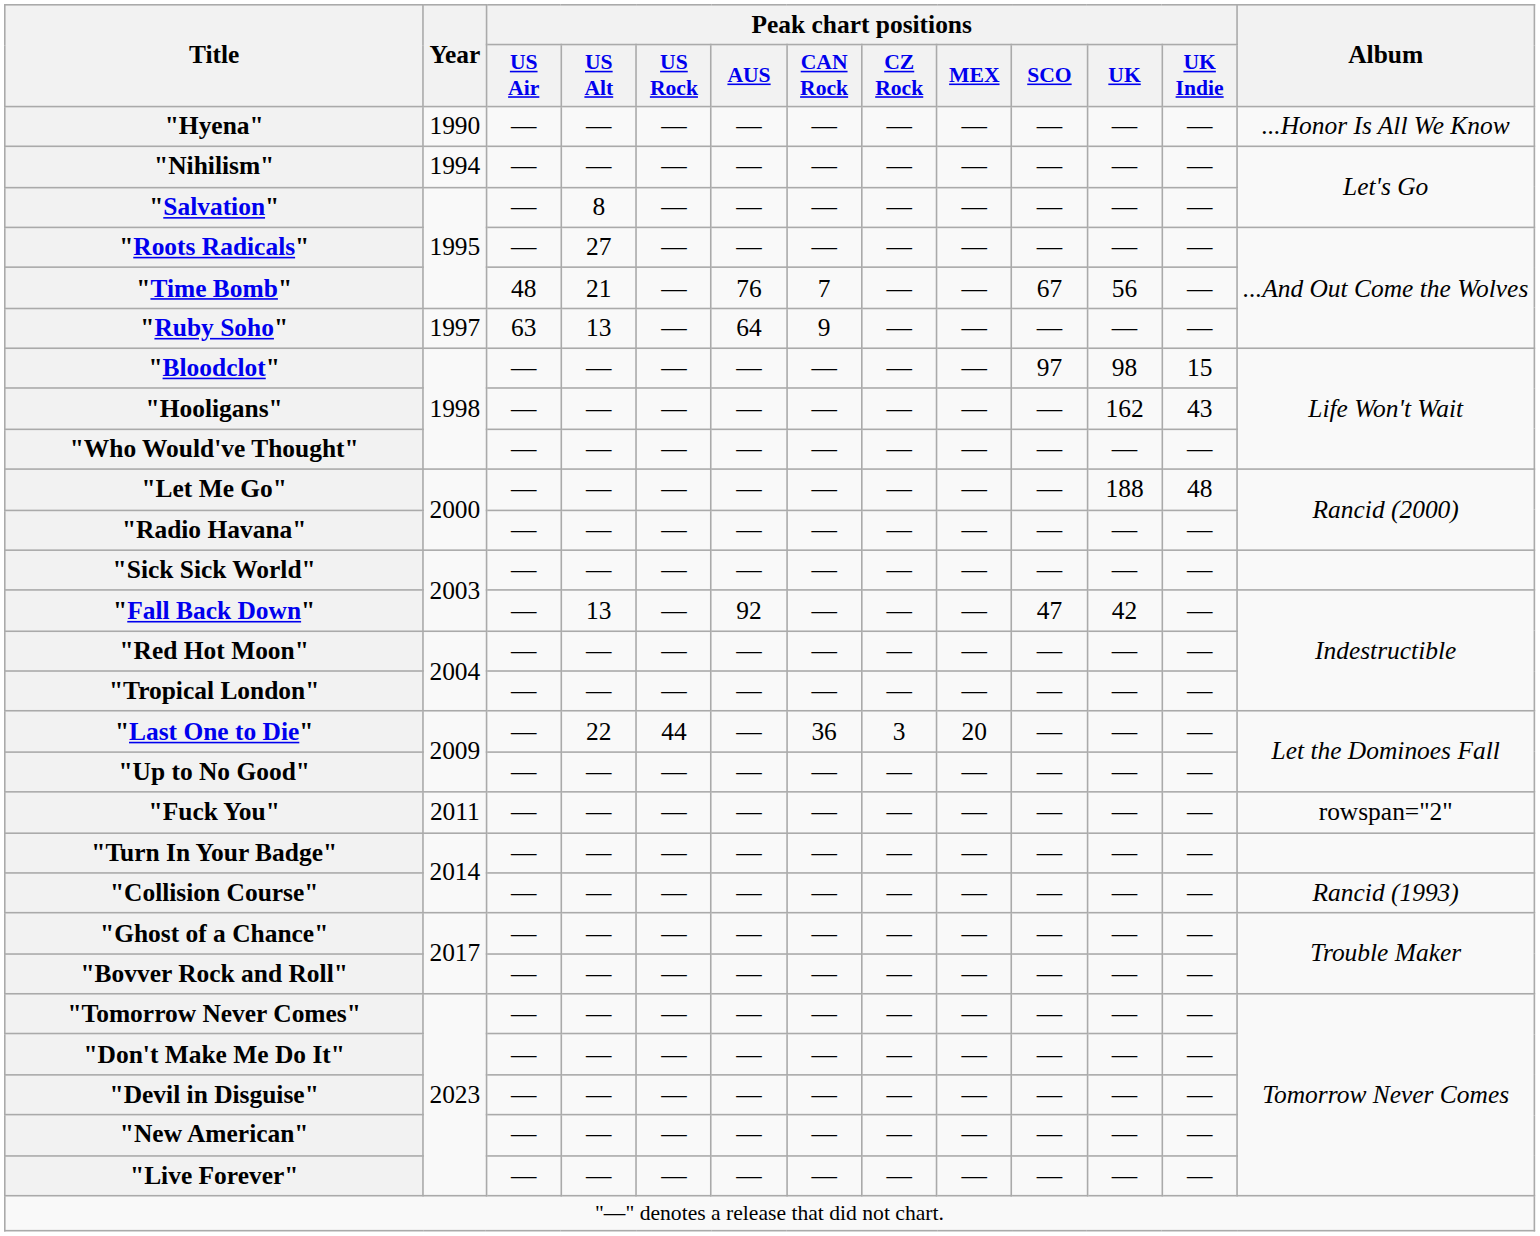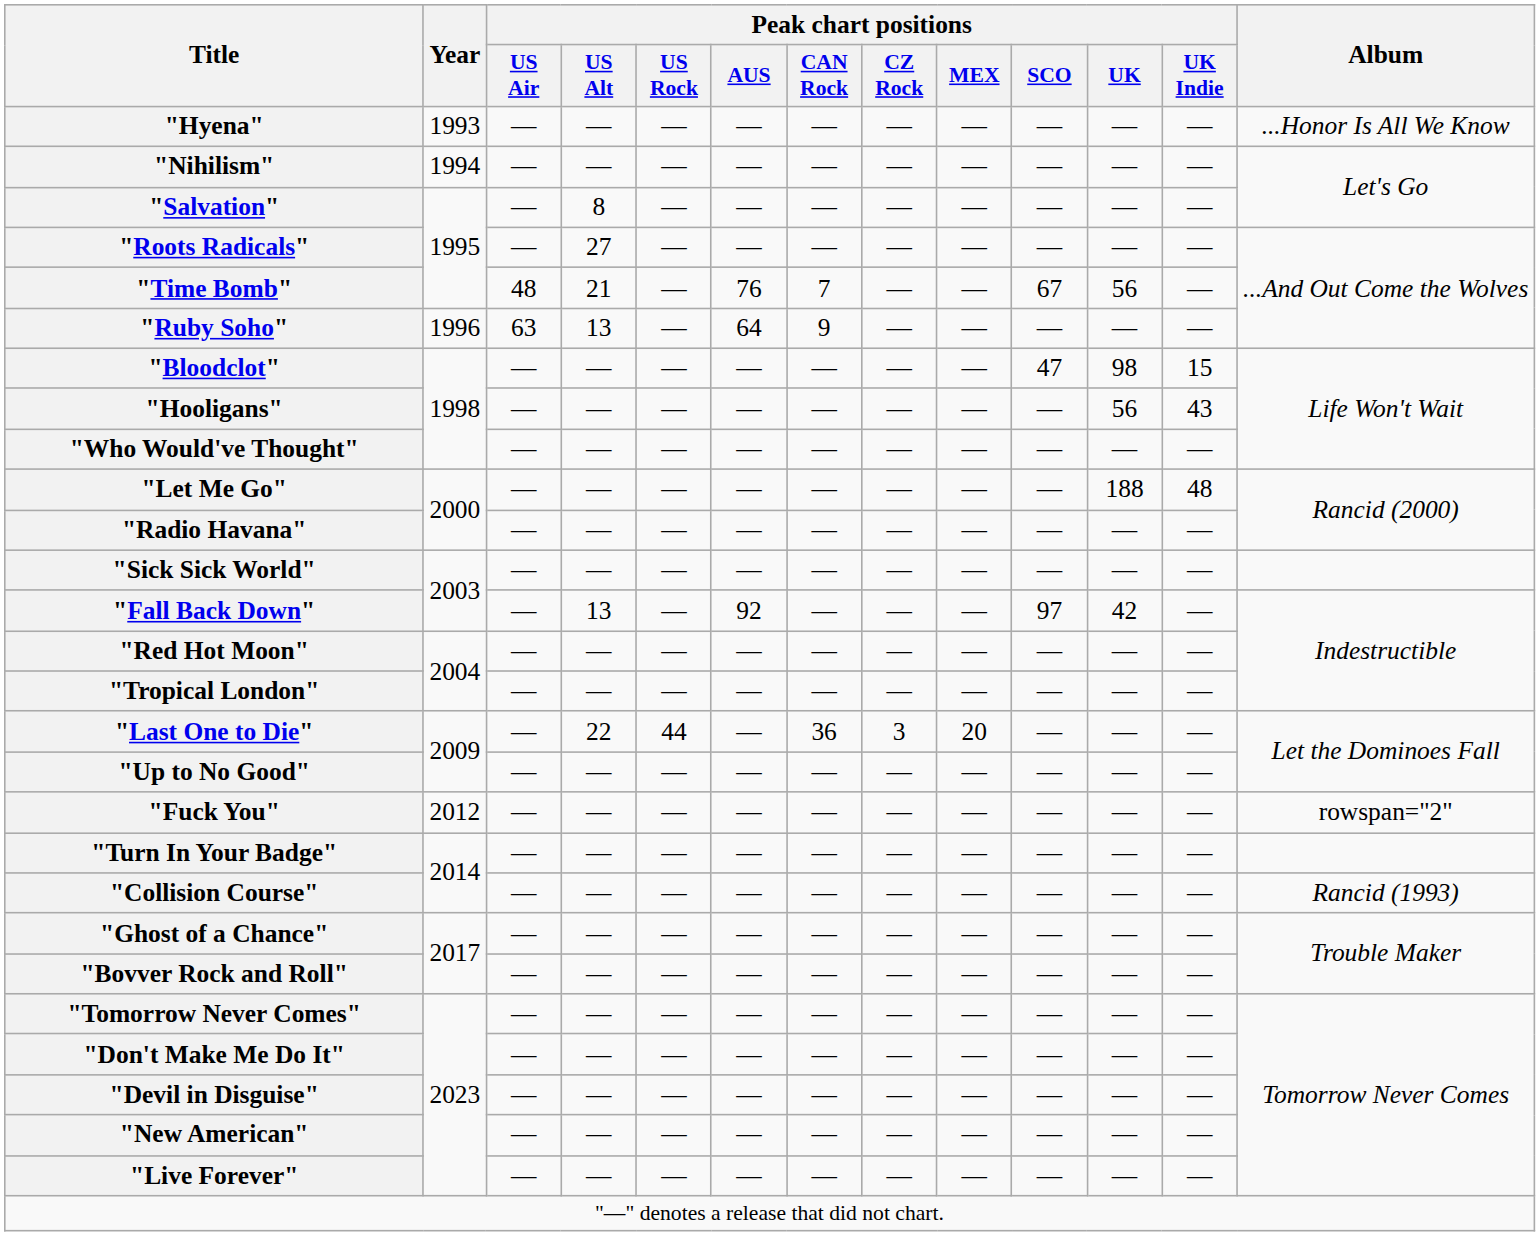 <table class="wikitable plainrowheaders" style="text-align:center;">
 <tr>
 <th scope="col" rowspan="2" style="width:16em;">Title</th>
 <th scope="col" rowspan="2" style="width:1em;">Year</th>
 <th scope="col" colspan="10">Peak chart positions</th>
 <th scope="col" rowspan="2">Album</th>
 </tr>
 <tr>
 <th style="width:3em;font-size:85%"><a href='#'>US<br>Air</a><br></th>
 <th style="width:3em;font-size:85%"><a href='#'>US<br>Alt</a><br></th>
 <th style="width:3em;font-size:85%"><a href='#'>US<br>Rock</a><br></th>
 <th style="width:3em;font-size:85%"><a href='#'>AUS</a><br></th>
 <th style="width:3em;font-size:85%"><a href='#'>CAN<br>Rock</a><br> </th>
 <th style="width:3em;font-size:85%"><a href='#'>CZ<br>Rock</a><br></th>
 <th style="width:3em;font-size:85%"><a href='#'>MEX</a><br></th>
 <th style="width:3em;font-size:85%"><a href='#'>SCO</a><br></th>
 <th style="width:3em;font-size:85%"><a href='#'>UK</a><br></th>
 <th style="width:3em;font-size:85%"><a href='#'>UK<br>Indie</a> <br></th>
 </tr>
 <tr>
 <th scope="row">"Hyena"</th>
-<td>1990</td>
+<td>1993</td>
 <td>—</td>
 <td>—</td>
 <td>—</td>
 <td>—</td>
 <td>—</td>
 <td>—</td>
 <td>—</td>
 <td>—</td>
 <td>—</td>
 <td>—</td>
 <td><em>...Honor Is All We Know</em></td>
 </tr>
 <tr>
 <th scope="row">"Nihilism"</th>
 <td>1994</td>
 <td>—</td>
 <td>—</td>
 <td>—</td>
 <td>—</td>
 <td>—</td>
 <td>—</td>
 <td>—</td>
 <td>—</td>
 <td>—</td>
 <td>—</td>
 <td rowspan="2"><em>Let's Go</em></td>
 </tr>
 <tr>
 <th scope="row">"<a href='#'>Salvation</a>"</th>
 <td rowspan="3">1995</td>
 <td>—</td>
 <td>8</td>
 <td>—</td>
 <td>—</td>
 <td>—</td>
 <td>—</td>
 <td>—</td>
 <td>—</td>
 <td>—</td>
 <td>—</td>
 </tr>
 <tr>
 <th scope="row">"<a href='#'>Roots Radicals</a>"</th>
 <td>—</td>
 <td>27</td>
 <td>—</td>
 <td>—</td>
 <td>—</td>
 <td>—</td>
 <td>—</td>
 <td>—</td>
 <td>—</td>
 <td>—</td>
 <td rowspan="3"><em>...And Out Come the Wolves</em></td>
 </tr>
 <tr>
 <th scope="row">"<a href='#'>Time Bomb</a>"</th>
 <td>48</td>
 <td>21</td>
 <td>—</td>
 <td>76</td>
 <td>7</td>
 <td>—</td>
 <td>—</td>
 <td>67</td>
 <td>56</td>
 <td>—</td>
 </tr>
 <tr>
 <th scope="row">"<a href='#'>Ruby Soho</a>"</th>
-<td>1997</td>
+<td>1996</td>
 <td>63</td>
 <td>13</td>
 <td>—</td>
 <td>64</td>
 <td>9</td>
 <td>—</td>
 <td>—</td>
 <td>—</td>
 <td>—</td>
 <td>—</td>
 </tr>
 <tr>
 <th scope="row">"<a href='#'>Bloodclot</a>"</th>
 <td rowspan="3">1998</td>
 <td>—</td>
 <td>—</td>
 <td>—</td>
 <td>—</td>
 <td>—</td>
 <td>—</td>
 <td>—</td>
-<td>97</td>
+<td>47</td>
 <td>98</td>
 <td>15</td>
 <td rowspan="3"><em>Life Won't Wait</em></td>
 </tr>
 <tr>
 <th scope="row">"Hooligans"</th>
 <td>—</td>
 <td>—</td>
 <td>—</td>
 <td>—</td>
 <td>—</td>
 <td>—</td>
 <td>—</td>
 <td>—</td>
-<td>162</td>
+<td>56</td>
 <td>43</td>
 </tr>
 <tr>
 <th scope="row">"Who Would've Thought"</th>
 <td>—</td>
 <td>—</td>
 <td>—</td>
 <td>—</td>
 <td>—</td>
 <td>—</td>
 <td>—</td>
 <td>—</td>
 <td>—</td>
 <td>—</td>
 </tr>
 <tr>
 <th scope="row">"Let Me Go"</th>
 <td rowspan="2">2000</td>
 <td>—</td>
 <td>—</td>
 <td>—</td>
 <td>—</td>
 <td>—</td>
 <td>—</td>
 <td>—</td>
 <td>—</td>
 <td>188</td>
 <td>48</td>
 <td rowspan="2"><em>Rancid (2000)</em></td>
 </tr>
 <tr>
 <th scope="row">"Radio Havana"</th>
 <td>—</td>
 <td>—</td>
 <td>—</td>
 <td>—</td>
 <td>—</td>
 <td>—</td>
 <td>—</td>
 <td>—</td>
 <td>—</td>
 <td>—</td>
 </tr>
 <tr>
 <th scope="row">"Sick Sick World" </th>
 <td rowspan="2">2003</td>
 <td>—</td>
 <td>—</td>
 <td>—</td>
 <td>—</td>
 <td>—</td>
 <td>—</td>
 <td>—</td>
 <td>—</td>
 <td>—</td>
 <td>—</td>
 <td></td>
 </tr>
 <tr>
 <th scope="row">"<a href='#'>Fall Back Down</a>"</th>
 <td>—</td>
 <td>13</td>
 <td>—</td>
 <td>92</td>
 <td>—</td>
 <td>—</td>
 <td>—</td>
-<td>47</td>
+<td>97</td>
 <td>42</td>
 <td>—</td>
 <td rowspan="3"><em>Indestructible</em></td>
 </tr>
 <tr>
 <th scope="row">"Red Hot Moon"</th>
 <td rowspan="2">2004</td>
 <td>—</td>
 <td>—</td>
 <td>—</td>
 <td>—</td>
 <td>—</td>
 <td>—</td>
 <td>—</td>
 <td>—</td>
 <td>—</td>
 <td>—</td>
 </tr>
 <tr>
 <th scope="row">"Tropical London"</th>
 <td>—</td>
 <td>—</td>
 <td>—</td>
 <td>—</td>
 <td>—</td>
 <td>—</td>
 <td>—</td>
 <td>—</td>
 <td>—</td>
 <td>—</td>
 </tr>
 <tr>
 <th scope="row">"<a href='#'>Last One to Die</a>"</th>
 <td rowspan="2">2009</td>
 <td>—</td>
 <td>22</td>
 <td>44</td>
 <td>—</td>
 <td>36</td>
 <td>3</td>
 <td>20</td>
 <td>—</td>
 <td>—</td>
 <td>—</td>
 <td rowspan="2"><em>Let the Dominoes Fall</em></td>
 </tr>
 <tr>
 <th scope="row">"Up to No Good"</th>
 <td>—</td>
 <td>—</td>
 <td>—</td>
 <td>—</td>
 <td>—</td>
 <td>—</td>
 <td>—</td>
 <td>—</td>
 <td>—</td>
 <td>—</td>
 </tr>
 <tr>
 <th scope="row">"Fuck You" </th>
-<td>2011</td>
+<td>2012</td>
 <td>—</td>
 <td>—</td>
 <td>—</td>
 <td>—</td>
 <td>—</td>
 <td>—</td>
 <td>—</td>
 <td>—</td>
 <td>—</td>
 <td>—</td>
 <td>rowspan="2" </td>
 </tr>
 <tr>
 <th scope="row">"Turn In Your Badge" </th>
 <td rowspan="2">2014</td>
 <td>—</td>
 <td>—</td>
 <td>—</td>
 <td>—</td>
 <td>—</td>
 <td>—</td>
 <td>—</td>
 <td>—</td>
 <td>—</td>
 <td>—</td>
 </tr>
 <tr>
 <th scope="row">"Collision Course" </th>
 <td>—</td>
 <td>—</td>
 <td>—</td>
 <td>—</td>
 <td>—</td>
 <td>—</td>
 <td>—</td>
 <td>—</td>
 <td>—</td>
 <td>—</td>
 <td><em>Rancid (1993)</em></td>
 </tr>
 <tr>
 <th scope="row">"Ghost of a Chance"</th>
 <td rowspan="2">2017</td>
 <td>—</td>
 <td>—</td>
 <td>—</td>
 <td>—</td>
 <td>—</td>
 <td>—</td>
 <td>—</td>
 <td>—</td>
 <td>—</td>
 <td>—</td>
 <td rowspan="2"><em>Trouble Maker</em></td>
 </tr>
 <tr>
 <th scope="row">"Bovver Rock and Roll"</th>
 <td>—</td>
 <td>—</td>
 <td>—</td>
 <td>—</td>
 <td>—</td>
 <td>—</td>
 <td>—</td>
 <td>—</td>
 <td>—</td>
 <td>—</td>
 </tr>
 <tr>
 <th scope="row">"Tomorrow Never Comes"</th>
 <td rowspan="5">2023</td>
 <td>—</td>
 <td>—</td>
 <td>—</td>
 <td>—</td>
 <td>—</td>
 <td>—</td>
 <td>—</td>
 <td>—</td>
 <td>—</td>
 <td>—</td>
 <td rowspan="5"><em>Tomorrow Never Comes</em></td>
 </tr>
 <tr>
 <th scope="row">"Don't Make Me Do It"</th>
 <td>—</td>
 <td>—</td>
 <td>—</td>
 <td>—</td>
 <td>—</td>
 <td>—</td>
 <td>—</td>
 <td>—</td>
 <td>—</td>
 <td>—</td>
 </tr>
 <tr>
 <th scope="row">"Devil in Disguise"</th>
 <td>—</td>
 <td>—</td>
 <td>—</td>
 <td>—</td>
 <td>—</td>
 <td>—</td>
 <td>—</td>
 <td>—</td>
 <td>—</td>
 <td>—</td>
 </tr>
 <tr>
 <th scope="row">"New American"</th>
 <td>—</td>
 <td>—</td>
 <td>—</td>
 <td>—</td>
 <td>—</td>
 <td>—</td>
 <td>—</td>
 <td>—</td>
 <td>—</td>
 <td>—</td>
 </tr>
 <tr>
 <th scope="row">"Live Forever"</th>
 <td>—</td>
 <td>—</td>
 <td>—</td>
 <td>—</td>
 <td>—</td>
 <td>—</td>
 <td>—</td>
 <td>—</td>
 <td>—</td>
 <td>—</td>
 </tr>
 <tr>
 <td colspan="16" align="center" style="font-size: 85%">"—" denotes a release that did not chart.</td>
 </tr>
 </table>
